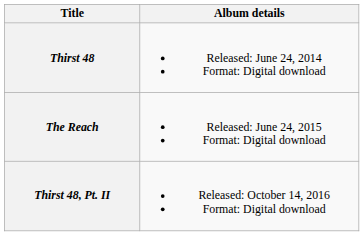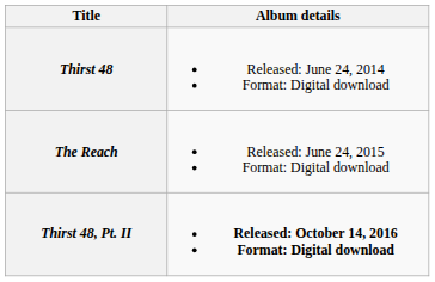 <table class="wikitable plainrowheaders" style="text-align:center;">
 <tr>
 <th scope="col" style="width:11em;">Title</th>
 <th scope="col" style="width:18em;">Album details</th>
 </tr>
 <tr>
 <th scope="row"><em>Thirst 48</em></th>
 <td><br><ul><li>Released: June 24, 2014</li><li>Format: Digital download</li></ul></td>
 </tr>
 <tr>
 <th scope="row"><em>The Reach</em></th>
 <td><br><ul><li>Released: June 24, 2015</li><li>Format: Digital download</li></ul></td>
 </tr>
 <tr>
 <th scope="row"><em>Thirst 48, Pt. II</em></th>
-<td><br><ul><li>Released: October 14, 2016</li><li>Format: Digital download</li></ul></td>
+<td><strong><br><ul><li>Released: October 14, 2016</li><li>Format: Digital download</li></ul></strong></td>
 </tr>
 </table>
